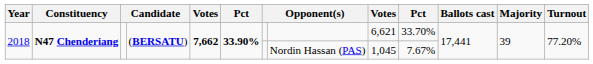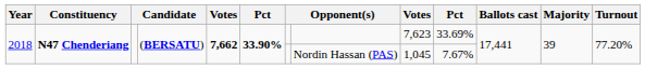 <table class="wikitable" style="margin:0.5em ; font-size:95%">
 <tr>
 <th>Year</th>
 <th>Constituency</th>
 <th colspan="2">Candidate</th>
 <th>Votes</th>
 <th>Pct</th>
 <th colspan=2>Opponent(s)</th>
 <th>Votes</th>
 <th>Pct</th>
 <th>Ballots cast</th>
 <th>Majority</th>
 <th>Turnout</th>
 </tr>
 <tr>
 <td rowspan=2><a href='#'>2018</a></td>
 <td rowspan="2"><strong>N47 <a href='#'>Chenderiang</a></strong></td>
 <td rowspan=2 ></td>
 <td rowspan=2> (<a href='#'><strong>BERSATU</strong></a>)</td>
 <td rowspan=2 align="right"><strong>7,662</strong></td>
 <td rowspan=2><strong>33.90%</strong></td>
 <td></td>
 <td></td>
-<td align="right">6,621</td>
-<td>33.70%</td>
+<td align="right">7,623</td>
+<td>33.69%</td>
 <td rowspan=2>17,441</td>
 <td rowspan=2>39</td>
 <td rowspan=2>77.20%</td>
 </tr>
 <tr>
 <td></td>
 <td>Nordin Hassan (<a href='#'>PAS</a>)</td>
 <td align="right">1,045</td>
 <td align="right">7.67%</td>
 </tr>
 </table>
